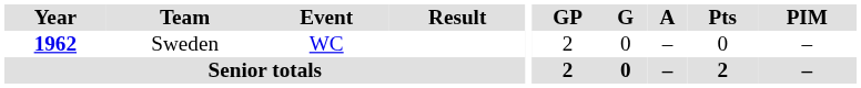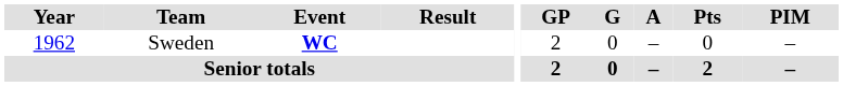 <table border="0" cellpadding="1" cellspacing="0" ID="Table3" style="text-align:center; width:40em">
 <tr ALIGN="center" bgcolor="#e0e0e0">
 <th>Year</th>
 <th>Team</th>
 <th>Event</th>
 <th>Result</th>
 <th rowspan="100" bgcolor="#ffffff"></th>
 <th>GP</th>
 <th>G</th>
 <th>A</th>
 <th>Pts</th>
 <th>PIM</th>
 </tr>
 <tr>
-<td><strong><a href='#'>1962</a></strong></td>
+<td><a href='#'>1962</a></td>
 <td>Sweden</td>
-<td><a href='#'>WC</a></td>
+<td><strong><a href='#'>WC</a></strong></td>
 <td></td>
 <td>2</td>
 <td>0</td>
 <td>–</td>
 <td>0</td>
 <td>–</td>
 </tr>
 <tr bgcolor="#e0e0e0">
 <th colspan="4">Senior totals</th>
 <th>2</th>
 <th>0</th>
 <th>–</th>
 <th>2</th>
 <th>–</th>
 </tr>
 </table>
